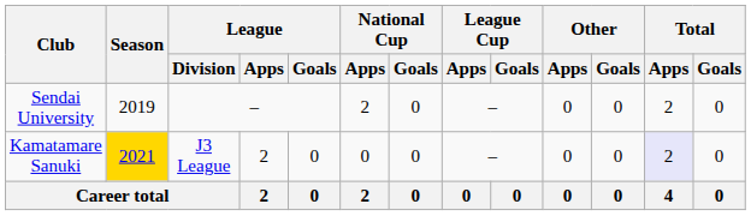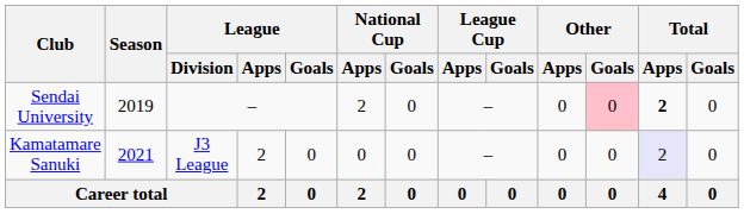 <table class="wikitable" style="text-align: center">
 <tr>
 <th rowspan="2">Club</th>
 <th rowspan="2">Season</th>
 <th colspan="3">League</th>
 <th colspan="2">National Cup</th>
 <th colspan="2">League Cup</th>
 <th colspan="2">Other</th>
 <th colspan="2">Total</th>
 </tr>
 <tr>
 <th>Division</th>
 <th>Apps</th>
 <th>Goals</th>
 <th>Apps</th>
 <th>Goals</th>
 <th>Apps</th>
 <th>Goals</th>
 <th>Apps</th>
 <th>Goals</th>
 <th>Apps</th>
 <th>Goals</th>
 </tr>
 <tr>
 <td><a href='#'>Sendai University</a></td>
 <td>2019</td>
 <td colspan="3">–</td>
 <td>2</td>
 <td>0</td>
 <td colspan="2">–</td>
 <td>0</td>
-<td>0</td>
-<td>2</td>
+<td style="background: pink;">0</td>
+<td><strong>2</strong></td>
 <td>0</td>
 </tr>
 <tr>
 <td><a href='#'>Kamatamare Sanuki</a></td>
-<td style="background: gold;"><a href='#'>2021</a></td>
+<td><a href='#'>2021</a></td>
 <td><a href='#'>J3 League</a></td>
 <td>2</td>
 <td>0</td>
 <td>0</td>
 <td>0</td>
 <td colspan="2">–</td>
 <td>0</td>
 <td>0</td>
 <td style="background: lavender;">2</td>
 <td>0</td>
 </tr>
 <tr>
 <th colspan=3>Career total</th>
 <th>2</th>
 <th>0</th>
 <th>2</th>
 <th>0</th>
 <th>0</th>
 <th>0</th>
 <th>0</th>
 <th>0</th>
 <th>4</th>
 <th>0</th>
 </tr>
 </table>
